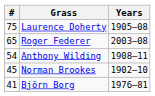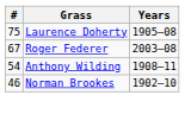 <table class=wikitable style="display:inline-table;">
 <tr>
 <th>#</th>
 <th>Grass</th>
 <th>Years</th>
 </tr>
 <tr>
 <td>75</td>
 <td> <a href='#'>Laurence Doherty</a></td>
 <td>1905–08</td>
 </tr>
 <tr>
-<td>65</td>
+<td>67</td>
 <td> <a href='#'>Roger Federer</a></td>
 <td>2003–08</td>
 </tr>
 <tr>
 <td>54</td>
 <td> <a href='#'>Anthony Wilding</a></td>
 <td>1908–11</td>
 </tr>
 <tr>
-<td>45</td>
+<td>46</td>
 <td> <a href='#'>Norman Brookes</a></td>
 <td>1902–10</td>
 </tr>
-<tr>
-<td>41</td>
-<td> <a href='#'>Björn Borg</a></td>
-<td>1976–81</td>
-</tr>
 </table>
